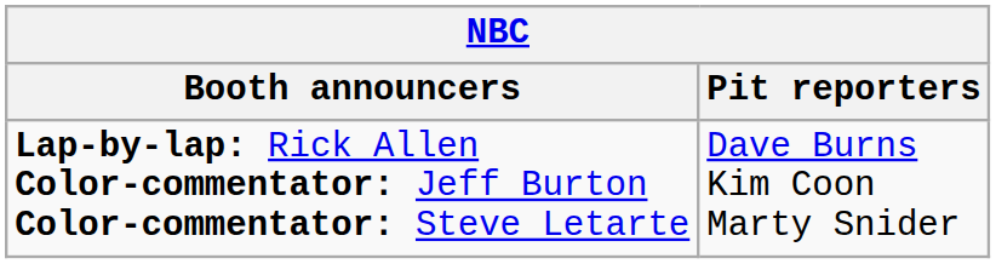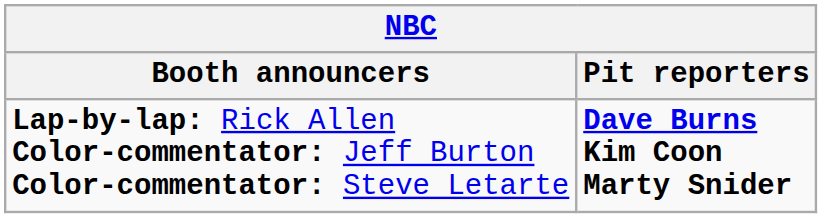 <table class="wikitable" style="font-size: 95%">
 <tr>
 <th colspan="2"><a href='#'>NBC</a></th>
 </tr>
 <tr>
 <th>Booth announcers</th>
 <th>Pit reporters</th>
 </tr>
 <tr>
 <td><strong>Lap-by-lap:</strong> <a href='#'>Rick Allen</a><br><strong>Color-commentator:</strong> <a href='#'>Jeff Burton</a><br><strong>Color-commentator:</strong> <a href='#'>Steve Letarte</a></td>
-<td><a href='#'>Dave Burns</a><br>Kim Coon<br>Marty Snider</td>
+<td><strong><a href='#'>Dave Burns</a><br>Kim Coon<br>Marty Snider</strong></td>
 </tr>
 </table>
